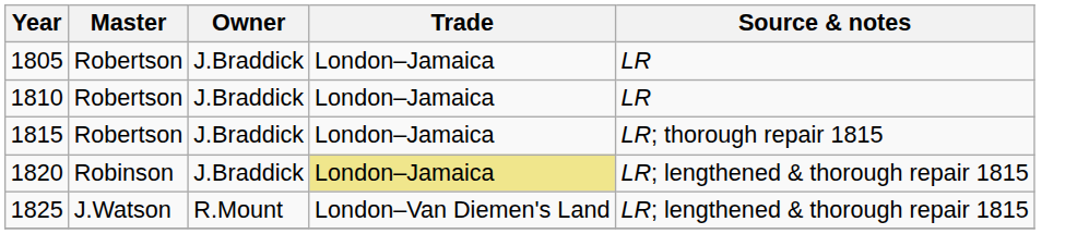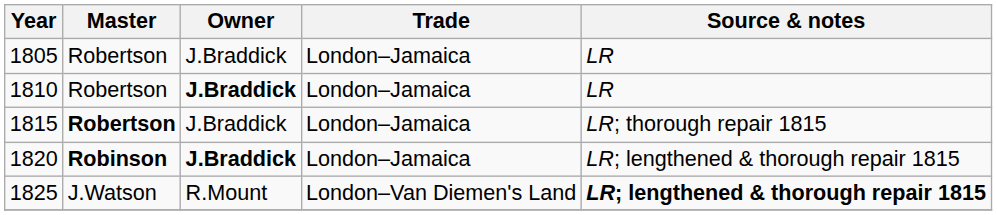 <table class="sortable wikitable">
 <tr>
 <th>Year</th>
 <th>Master</th>
 <th>Owner</th>
 <th>Trade</th>
 <th>Source & notes</th>
 </tr>
 <tr>
 <td>1805</td>
 <td>Robertson</td>
 <td>J.Braddick</td>
 <td>London–Jamaica</td>
 <td><em>LR</em></td>
 </tr>
 <tr>
 <td>1810</td>
 <td>Robertson</td>
-<td>J.Braddick</td>
+<td><strong>J.Braddick</strong></td>
 <td>London–Jamaica</td>
 <td><em>LR</em></td>
 </tr>
 <tr>
 <td>1815</td>
-<td>Robertson</td>
+<td><strong>Robertson</strong></td>
 <td>J.Braddick</td>
 <td>London–Jamaica</td>
 <td><em>LR</em>; thorough repair 1815</td>
 </tr>
 <tr>
 <td>1820</td>
-<td>Robinson</td>
-<td>J.Braddick</td>
-<td style="background: khaki;">London–Jamaica</td>
+<td><strong>Robinson</strong></td>
+<td><strong>J.Braddick</strong></td>
+<td>London–Jamaica</td>
 <td><em>LR</em>; lengthened & thorough repair 1815</td>
 </tr>
 <tr>
 <td>1825</td>
 <td>J.Watson</td>
 <td>R.Mount</td>
 <td>London–Van Diemen's Land</td>
-<td><em>LR</em>; lengthened & thorough repair 1815</td>
+<td><strong><em>LR</em>; lengthened & thorough repair 1815</strong></td>
 </tr>
 <tr>
 </tr>
 </table>
